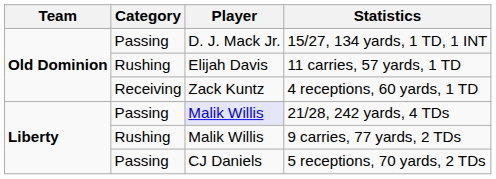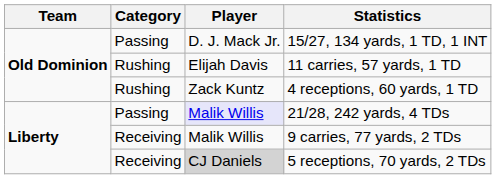 <table class="wikitable" style="float: left;">
 <tr>
 <th>Team</th>
 <th>Category</th>
 <th>Player</th>
 <th>Statistics</th>
 </tr>
 <tr>
 <td rowspan=3><strong>Old Dominion</strong></td>
 <td>Passing</td>
 <td>D. J. Mack Jr.</td>
 <td>15/27, 134 yards, 1 TD, 1 INT</td>
 </tr>
 <tr>
 <td>Rushing</td>
 <td>Elijah Davis</td>
 <td>11 carries, 57 yards, 1 TD</td>
 </tr>
 <tr>
-<td>Receiving</td>
+<td>Rushing</td>
 <td>Zack Kuntz</td>
 <td>4 receptions, 60 yards, 1 TD</td>
 </tr>
 <tr>
 <td rowspan=3><strong>Liberty</strong></td>
 <td>Passing</td>
 <td style="background: lavender;"><a href='#'>Malik Willis</a></td>
 <td>21/28, 242 yards, 4 TDs</td>
 </tr>
 <tr>
-<td>Rushing</td>
+<td>Receiving</td>
 <td>Malik Willis</td>
 <td>9 carries, 77 yards, 2 TDs</td>
 </tr>
 <tr>
-<td>Passing</td>
-<td>CJ Daniels</td>
+<td>Receiving</td>
+<td style="background: lightgrey;">CJ Daniels</td>
 <td>5 receptions, 70 yards, 2 TDs</td>
 </tr>
 </table>
